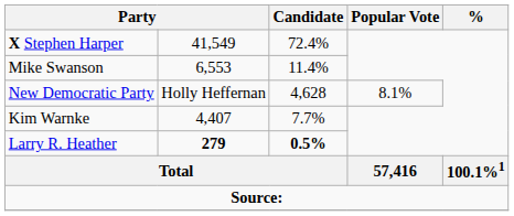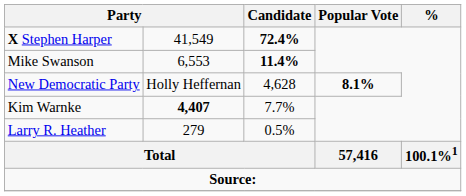 <table class="wikitable">
 <tr>
 <th colspan="2">Party</th>
 <th>Candidate</th>
 <th>Popular Vote</th>
 <th>%</th>
 </tr>
 <tr>
 <td> <strong>X</strong> <a href='#'>Stephen Harper</a></td>
 <td align=center>41,549</td>
-<td align=center>72.4%</td>
+<td align=center><strong>72.4%</strong></td>
 </tr>
 <tr>
 <td>Mike Swanson</td>
 <td align=center>6,553</td>
-<td align=center>11.4%</td>
+<td align=center><strong>11.4%</strong></td>
 </tr>
 <tr>
 <td><a href='#'>New Democratic Party</a></td>
 <td>Holly Heffernan</td>
 <td align=center>4,628</td>
-<td align=center>8.1%</td>
+<td align=center><strong>8.1%</strong></td>
 </tr>
 <tr>
 <td>Kim Warnke</td>
-<td align=center>4,407</td>
+<td align=center><strong>4,407</strong></td>
 <td align=center>7.7%</td>
 </tr>
 <tr>
 <td><a href='#'>Larry R. Heather</a></td>
-<td align=center><strong>279</strong></td>
-<td align=center><strong>0.5%</strong></td>
+<td align=center>279</td>
+<td align=center>0.5%</td>
 </tr>
 <tr>
 <th colspan=3>Total</th>
 <th>57,416</th>
 <th>100.1%<sup>1</sup></th>
 </tr>
 <tr>
 <td align="center" colspan=5><strong>Source:</strong> </td>
 </tr>
 <tr>
 </tr>
 </table>
